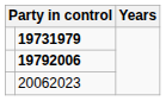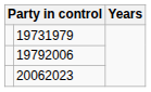 <table class="wikitable">
 <tr>
 <th colspan="2">Party in control</th>
 <th>Years</th>
 </tr>
 <tr>
 <td></td>
-<td><strong>19731979</strong></td>
+<td>19731979</td>
 </tr>
 <tr>
 <td></td>
-<td><strong>19792006</strong></td>
+<td>19792006</td>
 </tr>
 <tr>
 <td></td>
 <td>20062023</td>
 </tr>
 </table>
